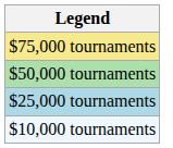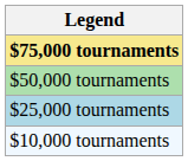 <table class=wikitable>
 <tr>
 <th>Legend</th>
 </tr>
 <tr style="background:#f7e98e;">
-<td>$75,000 tournaments</td>
+<td><strong>$75,000 tournaments</strong></td>
 </tr>
 <tr style="background:#addfad;">
 <td>$50,000 tournaments</td>
 </tr>
 <tr style="background:lightblue;">
 <td>$25,000 tournaments</td>
 </tr>
 <tr style="background:#f0f8ff;">
 <td>$10,000 tournaments</td>
 </tr>
 </table>
